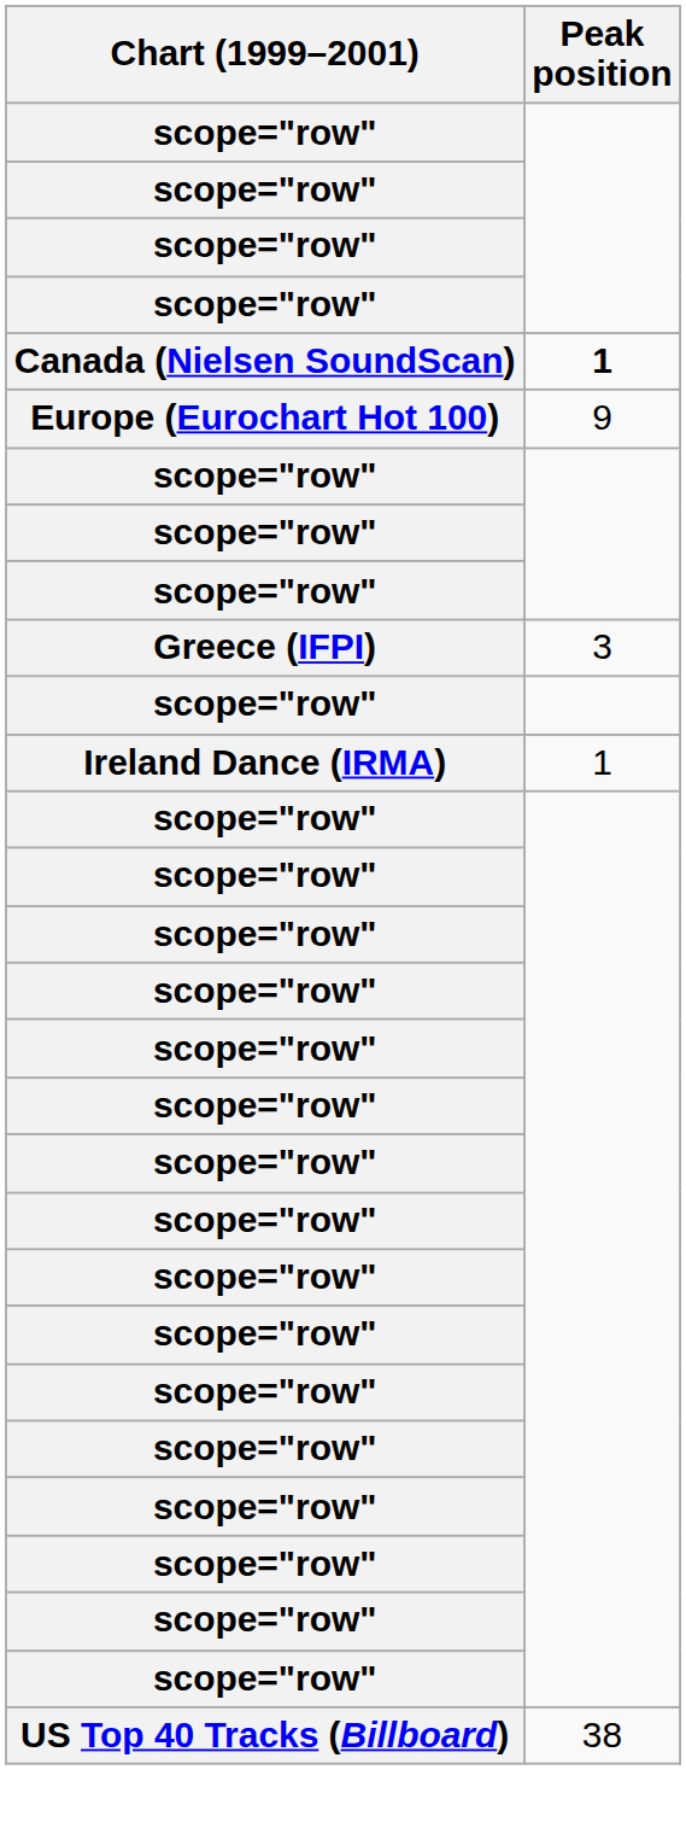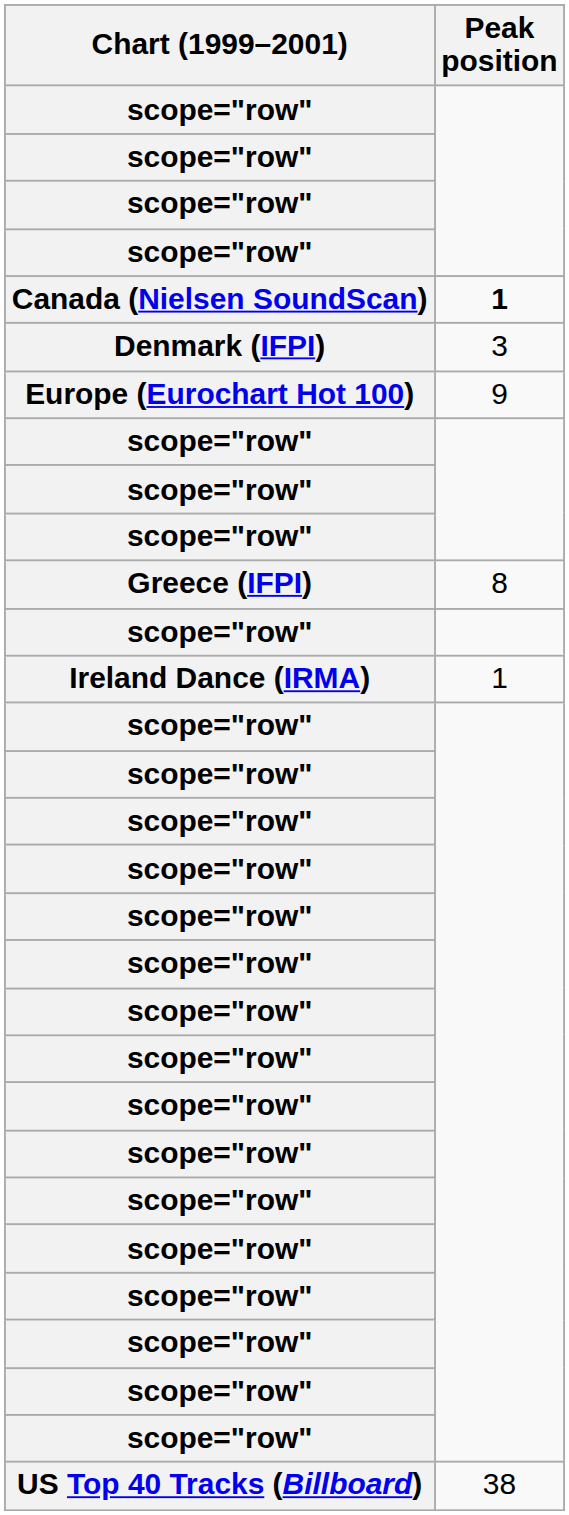 <table class="wikitable sortable plainrowheaders" style="text-align:center">
 <tr>
 <th>Chart (1999–2001)</th>
 <th>Peak<br>position</th>
 </tr>
 <tr>
 <th>scope="row"</th>
 </tr>
 <tr>
 <th>scope="row"</th>
 </tr>
 <tr>
 <th>scope="row"</th>
 </tr>
 <tr>
 <th>scope="row"</th>
 </tr>
 <tr>
 <th scope="row">Canada (<a href='#'>Nielsen SoundScan</a>)</th>
 <td><strong>1</strong></td>
 </tr>
 <tr>
+<th scope="row">Denmark (<a href='#'>IFPI</a>)</th>
+<td>3</td>
+</tr>
+<tr>
 <th scope="row">Europe (<a href='#'>Eurochart Hot 100</a>)</th>
 <td>9</td>
 </tr>
 <tr>
 <th>scope="row"</th>
 </tr>
 <tr>
 <th>scope="row"</th>
 </tr>
 <tr>
 <th>scope="row"</th>
 </tr>
 <tr>
 <th scope="row">Greece (<a href='#'>IFPI</a>)</th>
-<td>3</td>
+<td>8</td>
 </tr>
 <tr>
 <th>scope="row"</th>
 </tr>
 <tr>
 <th scope="row">Ireland Dance (<a href='#'>IRMA</a>)</th>
 <td>1</td>
 </tr>
 <tr>
 <th>scope="row"</th>
 </tr>
 <tr>
 <th>scope="row"</th>
 </tr>
 <tr>
 <th>scope="row"</th>
 </tr>
 <tr>
 <th>scope="row"</th>
 </tr>
 <tr>
 <th>scope="row"</th>
 </tr>
 <tr>
 <th>scope="row"</th>
 </tr>
 <tr>
 <th>scope="row"</th>
 </tr>
 <tr>
 <th>scope="row"</th>
 </tr>
 <tr>
 <th>scope="row"</th>
 </tr>
 <tr>
 <th>scope="row"</th>
 </tr>
 <tr>
 <th>scope="row"</th>
 </tr>
 <tr>
 <th>scope="row"</th>
 </tr>
 <tr>
 <th>scope="row"</th>
 </tr>
 <tr>
 <th>scope="row"</th>
 </tr>
 <tr>
 <th>scope="row"</th>
 </tr>
 <tr>
 <th>scope="row"</th>
 </tr>
 <tr>
 <th scope="row">US <a href='#'>Top 40 Tracks</a> (<a href='#'><em>Billboard</em></a>)</th>
 <td>38</td>
 </tr>
 </table>
